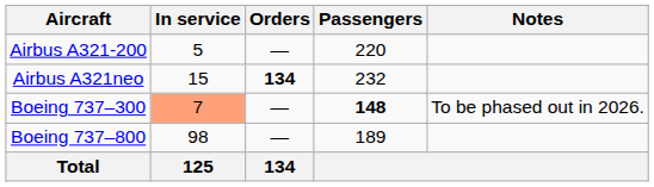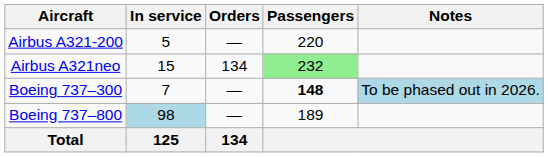 <table class="wikitable" style="margin:1em auto; border-collapse:collapse;text-align:center">
 <tr>
 <th>Aircraft</th>
 <th>In service</th>
 <th>Orders</th>
 <th>Passengers</th>
 <th>Notes</th>
 </tr>
 <tr>
 <td><a href='#'>Airbus A321-200</a></td>
 <td>5</td>
 <td>—</td>
 <td>220</td>
 <td></td>
 </tr>
 <tr>
 <td><a href='#'>Airbus A321neo</a></td>
 <td>15</td>
-<td><strong>134</strong></td>
-<td>232</td>
+<td>134</td>
+<td style="background: lightgreen;">232</td>
 <td></td>
 </tr>
 <tr>
 <td><a href='#'>Boeing 737–300</a></td>
-<td style="background: lightsalmon;">7</td>
+<td>7</td>
 <td>—</td>
 <td><strong>148</strong></td>
-<td>To be phased out in 2026.</td>
+<td style="background: lightblue;">To be phased out in 2026.</td>
 </tr>
 <tr>
 <td><a href='#'>Boeing 737–800</a></td>
-<td>98</td>
+<td style="background: lightblue;">98</td>
 <td>—</td>
 <td>189</td>
 <td></td>
 </tr>
 <tr>
 <th>Total</th>
 <th>125</th>
 <th>134</th>
 <th colspan="2"></th>
 </tr>
 </table>
